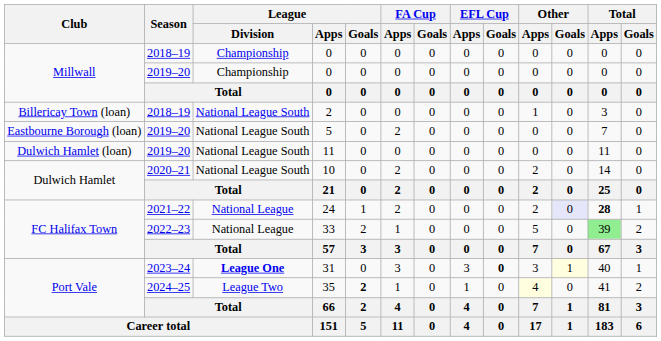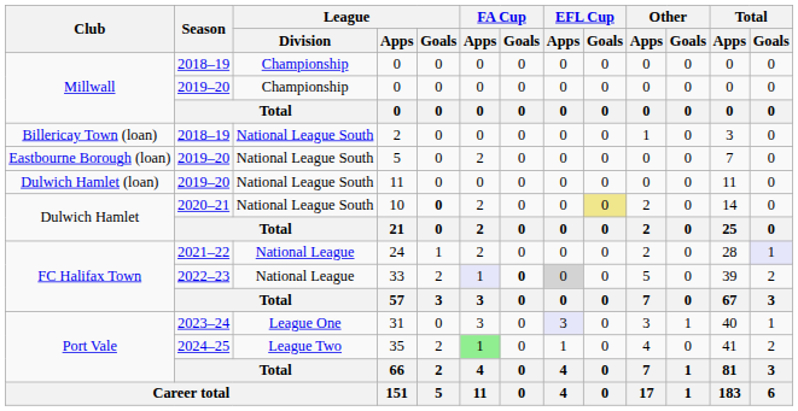 <table class="wikitable" style="text-align:center;">
 <tr>
 <th rowspan="2">Club</th>
 <th rowspan="2">Season</th>
 <th colspan="3">League</th>
 <th colspan="2"><a href='#'>FA Cup</a></th>
 <th colspan="2"><a href='#'>EFL Cup</a></th>
 <th colspan="2">Other</th>
 <th colspan="2">Total</th>
 </tr>
 <tr>
 <th>Division</th>
 <th>Apps</th>
 <th>Goals</th>
 <th>Apps</th>
 <th>Goals</th>
 <th>Apps</th>
 <th>Goals</th>
 <th>Apps</th>
 <th>Goals</th>
 <th>Apps</th>
 <th>Goals</th>
 </tr>
 <tr>
 <td rowspan="3"><a href='#'>Millwall</a></td>
 <td><a href='#'>2018–19</a></td>
 <td><a href='#'>Championship</a></td>
 <td>0</td>
 <td>0</td>
 <td>0</td>
 <td>0</td>
 <td>0</td>
 <td>0</td>
 <td>0</td>
 <td>0</td>
 <td>0</td>
 <td>0</td>
 </tr>
 <tr>
 <td><a href='#'>2019–20</a></td>
 <td>Championship</td>
 <td>0</td>
 <td>0</td>
 <td>0</td>
 <td>0</td>
 <td>0</td>
 <td>0</td>
 <td>0</td>
 <td>0</td>
 <td>0</td>
 <td>0</td>
 </tr>
 <tr>
 <th colspan="2">Total</th>
 <th>0</th>
 <th>0</th>
 <th>0</th>
 <th>0</th>
 <th>0</th>
 <th>0</th>
 <th>0</th>
 <th>0</th>
 <th>0</th>
 <th>0</th>
 </tr>
 <tr>
 <td><a href='#'>Billericay Town</a> (loan)</td>
 <td><a href='#'>2018–19</a></td>
 <td><a href='#'>National League South</a></td>
 <td>2</td>
 <td>0</td>
 <td>0</td>
 <td>0</td>
 <td>0</td>
 <td>0</td>
 <td>1</td>
 <td>0</td>
 <td>3</td>
 <td>0</td>
 </tr>
 <tr>
 <td><a href='#'>Eastbourne Borough</a> (loan)</td>
 <td><a href='#'>2019–20</a></td>
 <td>National League South</td>
 <td>5</td>
 <td>0</td>
 <td>2</td>
 <td>0</td>
 <td>0</td>
 <td>0</td>
 <td>0</td>
 <td>0</td>
 <td>7</td>
 <td>0</td>
 </tr>
 <tr>
 <td><a href='#'>Dulwich Hamlet</a> (loan)</td>
 <td><a href='#'>2019–20</a></td>
 <td>National League South</td>
 <td>11</td>
 <td>0</td>
 <td>0</td>
 <td>0</td>
 <td>0</td>
 <td>0</td>
 <td>0</td>
 <td>0</td>
 <td>11</td>
 <td>0</td>
 </tr>
 <tr>
 <td rowspan="2">Dulwich Hamlet</td>
 <td><a href='#'>2020–21</a></td>
 <td>National League South</td>
 <td>10</td>
-<td>0</td>
+<td><strong>0</strong></td>
 <td>2</td>
 <td>0</td>
 <td>0</td>
-<td>0</td>
+<td style="background: khaki;">0</td>
 <td>2</td>
 <td>0</td>
 <td>14</td>
 <td>0</td>
 </tr>
 <tr>
 <th colspan="2">Total</th>
 <th>21</th>
 <th>0</th>
 <th>2</th>
 <th>0</th>
 <th>0</th>
 <th>0</th>
 <th>2</th>
 <th>0</th>
 <th>25</th>
 <th>0</th>
 </tr>
 <tr>
 <td rowspan="3"><a href='#'>FC Halifax Town</a></td>
 <td><a href='#'>2021–22</a></td>
 <td><a href='#'>National League</a></td>
 <td>24</td>
 <td>1</td>
 <td>2</td>
 <td>0</td>
 <td>0</td>
 <td>0</td>
 <td>2</td>
-<td style="background: lavender;">0</td>
-<td><strong>28</strong></td>
-<td>1</td>
+<td>0</td>
+<td>28</td>
+<td style="background: lavender;">1</td>
 </tr>
 <tr>
 <td><a href='#'>2022–23</a></td>
 <td>National League</td>
 <td>33</td>
 <td>2</td>
-<td>1</td>
-<td>0</td>
-<td>0</td>
+<td style="background: lavender;">1</td>
+<td><strong>0</strong></td>
+<td style="background: lightgrey;">0</td>
 <td>0</td>
 <td>5</td>
 <td>0</td>
-<td style="background: lightgreen;">39</td>
+<td>39</td>
 <td>2</td>
 </tr>
 <tr>
 <th colspan="2">Total</th>
 <th>57</th>
 <th>3</th>
 <th>3</th>
 <th>0</th>
 <th>0</th>
 <th>0</th>
 <th>7</th>
 <th>0</th>
 <th>67</th>
 <th>3</th>
 </tr>
 <tr>
 <td rowspan="3"><a href='#'>Port Vale</a></td>
 <td><a href='#'>2023–24</a></td>
-<td><strong><a href='#'>League One</a></strong></td>
+<td><a href='#'>League One</a></td>
 <td>31</td>
 <td>0</td>
 <td>3</td>
 <td>0</td>
+<td style="background: lavender;">3</td>
+<td>0</td>
 <td>3</td>
-<td><strong>0</strong></td>
-<td>3</td>
-<td style="background: lightyellow;">1</td>
+<td>1</td>
 <td>40</td>
 <td>1</td>
 </tr>
 <tr>
 <td><a href='#'>2024–25</a></td>
 <td><a href='#'>League Two</a></td>
 <td>35</td>
-<td><strong>2</strong></td>
-<td>1</td>
+<td>2</td>
+<td style="background: lightgreen;">1</td>
 <td>0</td>
 <td>1</td>
 <td>0</td>
-<td style="background: lightyellow;">4</td>
+<td>4</td>
 <td>0</td>
 <td>41</td>
 <td>2</td>
 </tr>
 <tr>
 <th colspan="2">Total</th>
 <th>66</th>
 <th>2</th>
 <th>4</th>
 <th>0</th>
 <th>4</th>
 <th>0</th>
 <th>7</th>
 <th>1</th>
 <th>81</th>
 <th>3</th>
 </tr>
 <tr>
 <th colspan="3">Career total</th>
 <th>151</th>
 <th>5</th>
 <th>11</th>
 <th>0</th>
 <th>4</th>
 <th>0</th>
 <th>17</th>
 <th>1</th>
 <th>183</th>
 <th>6</th>
 </tr>
 </table>
